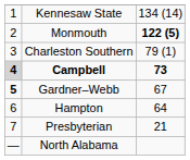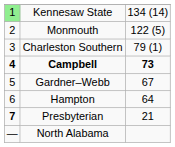 <table class="wikitable">
 <tr align="center">
 </tr>
 <tr align="center">
-<td>1</td>
+<td style="background: lightgreen;">1</td>
 <td>Kennesaw State</td>
 <td>134 (14)</td>
 </tr>
 <tr align="center">
 <td>2</td>
 <td>Monmouth</td>
-<td><strong>122 (5)</strong></td>
+<td>122 (5)</td>
 </tr>
 <tr align="center">
 <td>3</td>
 <td>Charleston Southern</td>
 <td>79 (1)</td>
 </tr>
 <tr align="center">
-<td style="background: lightgrey;"><strong>4</strong></td>
+<td><strong>4</strong></td>
 <td><strong>Campbell</strong></td>
 <td><strong>73</strong></td>
 </tr>
 <tr align="center">
-<td><strong>5</strong></td>
+<td>5</td>
 <td>Gardner–Webb</td>
 <td>67</td>
 </tr>
 <tr align="center">
 <td>6</td>
 <td>Hampton</td>
 <td>64</td>
 </tr>
 <tr align="center">
-<td>7</td>
+<td><strong>7</strong></td>
 <td>Presbyterian</td>
 <td>21</td>
 </tr>
 <tr align="center">
 <td>—</td>
 <td>North Alabama</td>
 <td></td>
 </tr>
 </table>
